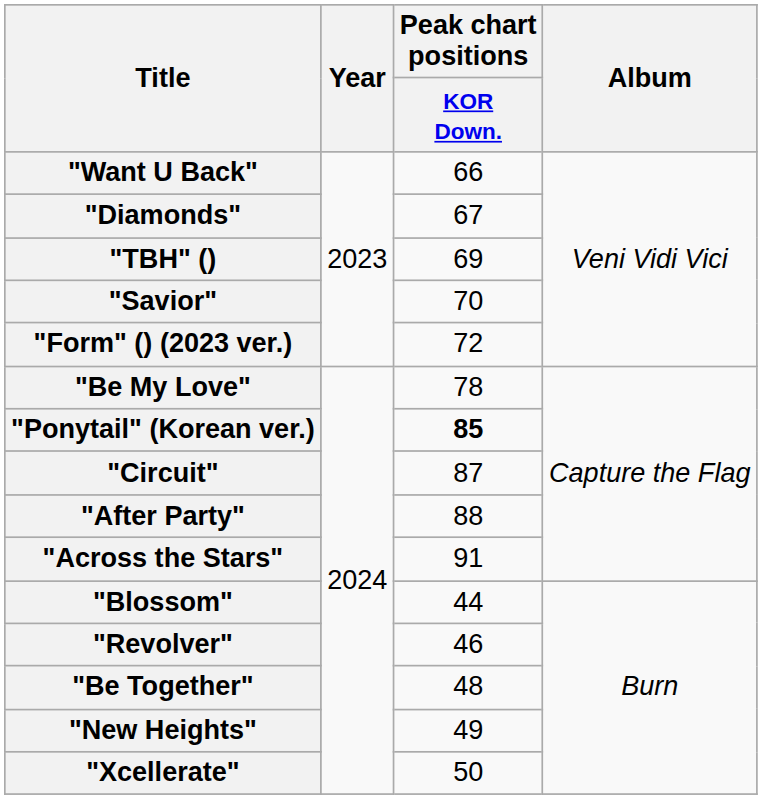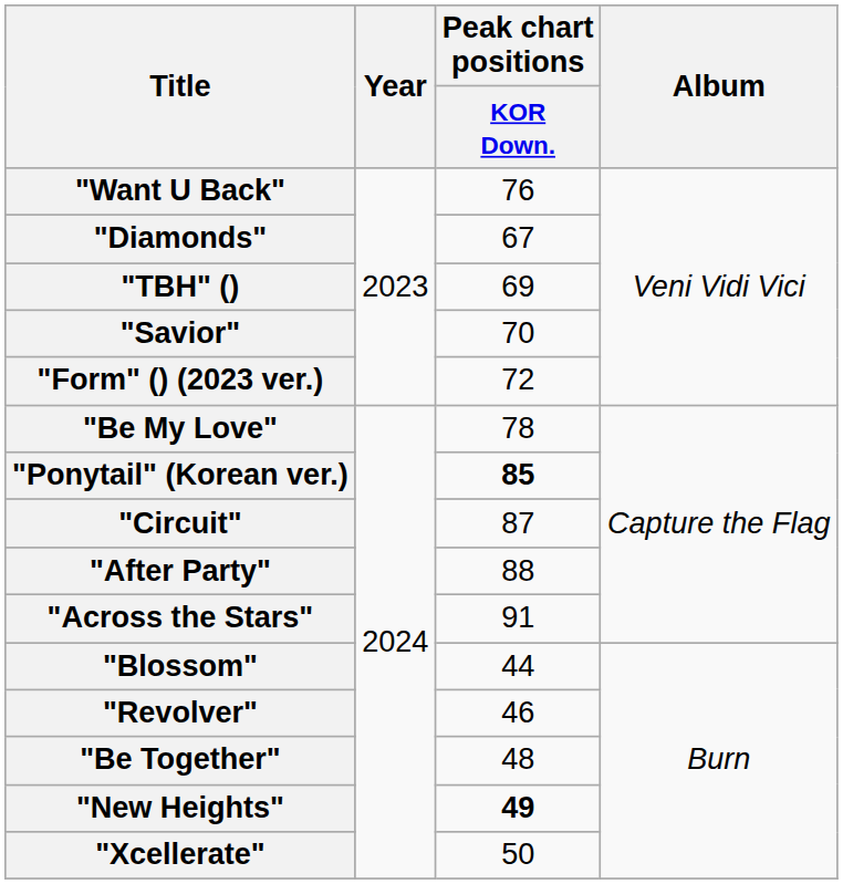 <table class="wikitable plainrowheaders" style="text-align:center">
 <tr>
 <th scope="col" rowspan="2">Title</th>
 <th scope="col" rowspan="2">Year</th>
 <th scope="col" rowspan="1">Peak chart<br>positions</th>
 <th scope="col" rowspan="2">Album</th>
 </tr>
 <tr>
 <th scope="col" style="font-size:90% width:2.5em"><small><a href='#'>KOR<br>Down.</a></small><br></th>
 </tr>
 <tr>
 <th scope="row">"Want U Back"</th>
 <td rowspan="5">2023</td>
-<td>66</td>
+<td>76</td>
 <td rowspan="5"><em>Veni Vidi Vici</em></td>
 </tr>
 <tr>
 <th scope="row">"Diamonds"</th>
 <td>67</td>
 </tr>
 <tr>
 <th scope="row">"TBH" ()</th>
 <td>69</td>
 </tr>
 <tr>
 <th scope="row">"Savior"</th>
 <td>70</td>
 </tr>
 <tr>
 <th scope="row">"Form" () (2023 ver.)</th>
 <td>72</td>
 </tr>
 <tr>
 <th scope="row">"Be My Love"</th>
 <td rowspan="10">2024</td>
 <td>78</td>
 <td rowspan="5"><em>Capture the Flag</em></td>
 </tr>
 <tr>
 <th scope="row">"Ponytail" (Korean ver.)</th>
 <td><strong>85</strong></td>
 </tr>
 <tr>
 <th scope="row">"Circuit"</th>
 <td>87</td>
 </tr>
 <tr>
 <th scope="row">"After Party"</th>
 <td>88</td>
 </tr>
 <tr>
 <th scope="row">"Across the Stars"</th>
 <td>91</td>
 </tr>
 <tr>
 <th scope="row">"Blossom"</th>
 <td>44</td>
 <td rowspan="5"><em>Burn</em></td>
 </tr>
 <tr>
 <th scope="row">"Revolver"</th>
 <td>46</td>
 </tr>
 <tr>
 <th scope="row">"Be Together"</th>
 <td>48</td>
 </tr>
 <tr>
 <th scope="row">"New Heights"</th>
-<td>49</td>
+<td><strong>49</strong></td>
 </tr>
 <tr>
 <th scope="row">"Xcellerate"</th>
 <td>50</td>
 </tr>
 </table>
